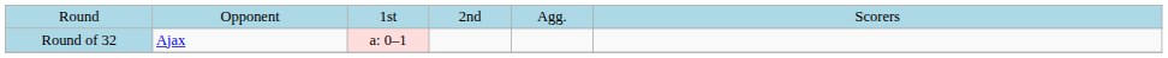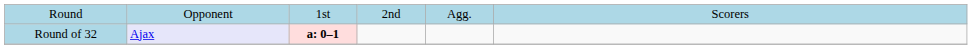 <table class="wikitable" style="text-align:center">
 <tr bgcolor=lightblue>
 <td width=150px>Round</td>
 <td width=200px>Opponent</td>
 <td width=80px>1st</td>
 <td width=80px>2nd</td>
 <td width=80px>Agg.</td>
 <td width=600px>Scorers</td>
 </tr>
 <tr>
 <td bgcolor=lightblue>Round of 32</td>
-<td align=left> <a href='#'>Ajax</a></td>
-<td bgcolor=#ffdddd>a: 0–1</td>
+<td align=left style="background: lavender;"> <a href='#'>Ajax</a></td>
+<td bgcolor=#ffdddd><strong>a: 0–1</strong></td>
 <td></td>
 <td></td>
 <td></td>
 </tr>
 <tr>
 </tr>
 </table>
